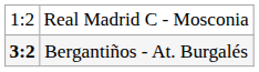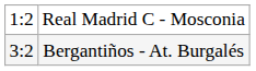 <table class="wikitable">
 <tr align=center bgcolor=white>
 <td>1:2</td>
 <td>Real Madrid C - Mosconia</td>
 </tr>
 <tr align=center bgcolor=#F5F5F5>
-<td><strong>3:2</strong></td>
+<td>3:2</td>
 <td>Bergantiños - At. Burgalés</td>
 </tr>
 </table>
